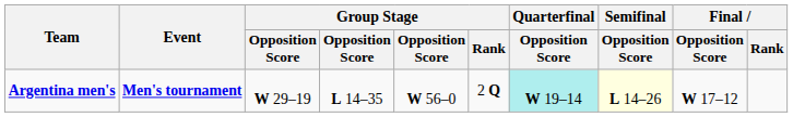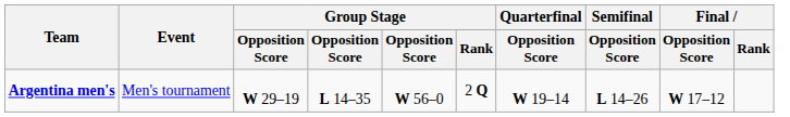 <table class="wikitable" style="font-size:90%">
 <tr>
 <th rowspan=2>Team</th>
 <th rowspan=2>Event</th>
 <th colspan=4>Group Stage</th>
 <th>Quarterfinal</th>
 <th>Semifinal</th>
 <th colspan=2>Final / </th>
 </tr>
 <tr style="font-size:95%">
 <th>Opposition<br>Score</th>
 <th>Opposition<br>Score</th>
 <th>Opposition<br>Score</th>
 <th>Rank</th>
 <th>Opposition<br>Score</th>
 <th>Opposition<br>Score</th>
 <th>Opposition<br>Score</th>
 <th>Rank</th>
 </tr>
 <tr align=center>
 <td align=left><strong><a href='#'>Argentina men's</a></strong></td>
-<td align=left><strong><a href='#'>Men's tournament</a></strong></td>
+<td align=left><a href='#'>Men's tournament</a></td>
 <td><br><strong>W</strong> 29–19</td>
 <td><br><strong>L</strong> 14–35</td>
 <td><br><strong>W</strong> 56–0</td>
 <td>2 <strong>Q</strong></td>
-<td style="background: paleturquoise;"><br><strong>W</strong> 19–14</td>
-<td style="background: lightyellow;"><br><strong>L</strong> 14–26</td>
+<td><br><strong>W</strong> 19–14</td>
+<td><br><strong>L</strong> 14–26</td>
 <td><br><strong>W</strong> 17–12</td>
 <td></td>
 </tr>
 </table>
